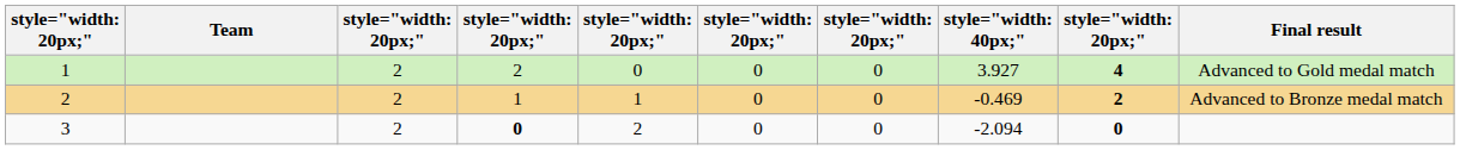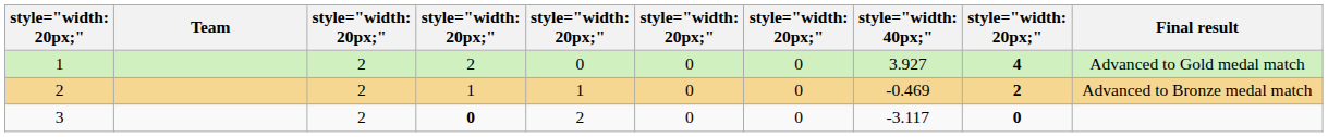 <table class="wikitable" border="1" style="text-align: center;">
 <tr>
 <th>style="width: 20px;"</th>
 <th style="width: 175px;">Team</th>
 <th>style="width: 20px;"</th>
 <th>style="width: 20px;"</th>
 <th>style="width: 20px;"</th>
 <th>style="width: 20px;"</th>
 <th>style="width: 20px;"</th>
 <th>style="width: 40px;"</th>
 <th>style="width: 20px;"</th>
 <th style="width: 230px;">Final result</th>
 </tr>
 <tr style="background:#D0F0C0;">
 <td>1</td>
 <td style="text-align:left"></td>
 <td>2</td>
 <td>2</td>
 <td>0</td>
 <td>0</td>
 <td>0</td>
 <td>3.927</td>
 <td><strong>4</strong></td>
 <td>Advanced to Gold medal match</td>
 </tr>
 <tr style="background:#F6D792;">
 <td>2</td>
 <td style="text-align:left"></td>
 <td>2</td>
 <td>1</td>
 <td>1</td>
 <td>0</td>
 <td>0</td>
 <td>-0.469</td>
 <td><strong>2</strong></td>
 <td>Advanced to Bronze medal match</td>
 </tr>
 <tr>
 <td>3</td>
 <td align=left></td>
 <td>2</td>
 <td><strong>0</strong></td>
 <td>2</td>
 <td>0</td>
 <td>0</td>
-<td>-2.094</td>
+<td>-3.117</td>
 <td><strong>0</strong></td>
 <td></td>
 </tr>
 </table>
